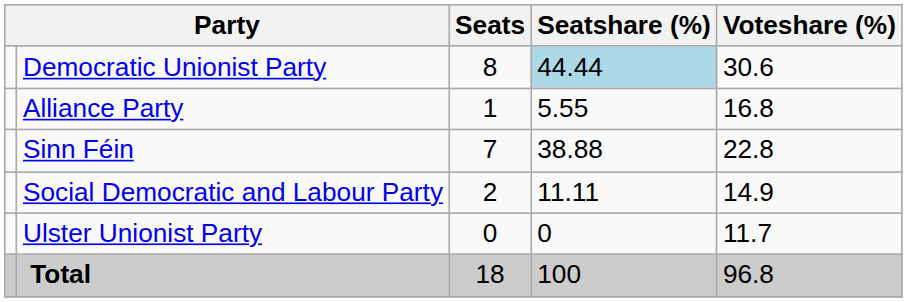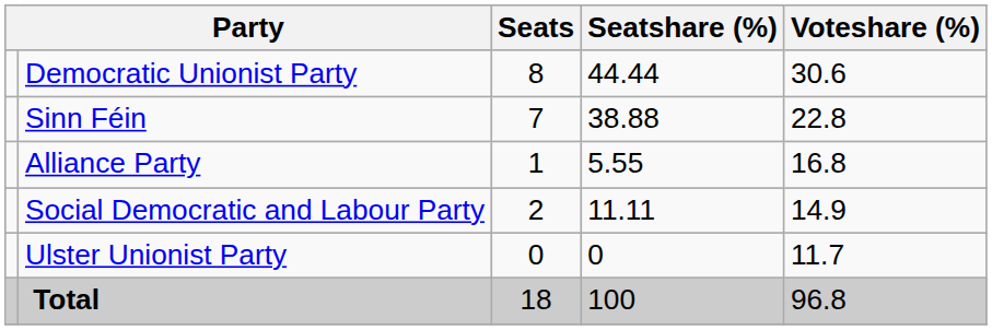 <table class="wikitable sortable">
 <tr>
 <th colspan="2" style="vertical-align:top;">Party</th>
 <th>Seats</th>
 <th>Seatshare (%)</th>
 <th>Voteshare (%)</th>
 </tr>
 <tr>
 <td></td>
 <td><a href='#'>Democratic Unionist Party</a></td>
 <td style="text-align:center;">8</td>
-<td style="background: lightblue;">44.44</td>
+<td>44.44</td>
 <td>30.6</td>
+</tr>
+<tr>
+<td></td>
+<td><a href='#'>Sinn Féin</a></td>
+<td style="text-align:center;">7</td>
+<td>38.88</td>
+<td>22.8</td>
 </tr>
 <tr>
 <td></td>
 <td><a href='#'>Alliance Party</a></td>
 <td style="text-align:center;">1</td>
 <td>5.55</td>
 <td>16.8</td>
-</tr>
-<tr>
-<td></td>
-<td><a href='#'>Sinn Féin</a></td>
-<td style="text-align:center;">7</td>
-<td>38.88</td>
-<td>22.8</td>
 </tr>
 <tr>
 <td></td>
 <td><a href='#'>Social Democratic and Labour Party</a></td>
 <td style="text-align:center;">2</td>
 <td>11.11</td>
 <td>14.9</td>
 </tr>
 <tr>
 <td></td>
 <td><a href='#'>Ulster Unionist Party</a></td>
 <td style="text-align:center;">0</td>
 <td>0</td>
 <td>11.7</td>
 </tr>
 <tr bgcolor="CCCCCC">
 <td></td>
 <td colspan="1" rowspan="1” "> <strong>Total</strong></td>
 <td style="text-align:center;">18</td>
 <td>100</td>
 <td>96.8</td>
 </tr>
 <tr>
 </tr>
 </table>
